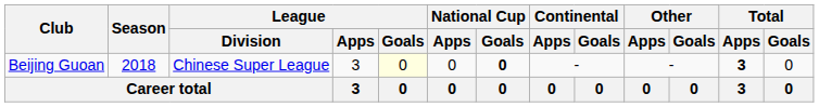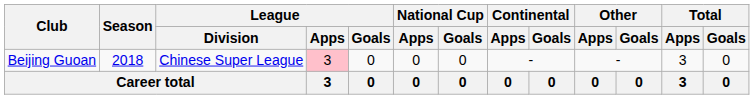 <table class="wikitable" style="text-align: center">
 <tr>
 <th rowspan="2">Club</th>
 <th rowspan="2">Season</th>
 <th colspan="3">League</th>
 <th colspan="2">National Cup</th>
 <th colspan="2">Continental</th>
 <th colspan="2">Other</th>
 <th colspan="2">Total</th>
 </tr>
 <tr>
 <th>Division</th>
 <th>Apps</th>
 <th>Goals</th>
 <th>Apps</th>
 <th>Goals</th>
 <th>Apps</th>
 <th>Goals</th>
 <th>Apps</th>
 <th>Goals</th>
 <th>Apps</th>
 <th>Goals</th>
 </tr>
 <tr>
 <td rowspan="1"><a href='#'>Beijing Guoan</a></td>
 <td><a href='#'>2018</a></td>
 <td rowspan="1"><a href='#'>Chinese Super League</a></td>
-<td>3</td>
-<td style="background: lightyellow;">0</td>
+<td style="background: pink;">3</td>
 <td>0</td>
-<td><strong>0</strong></td>
+<td>0</td>
+<td>0</td>
 <td colspan="2">-</td>
 <td colspan="2">-</td>
-<td><strong>3</strong></td>
+<td>3</td>
 <td>0</td>
 </tr>
 <tr>
 <th colspan=3>Career total</th>
 <th>3</th>
 <th>0</th>
 <th>0</th>
 <th>0</th>
 <th>0</th>
 <th>0</th>
 <th>0</th>
 <th>0</th>
 <th>3</th>
 <th>0</th>
 </tr>
 </table>
